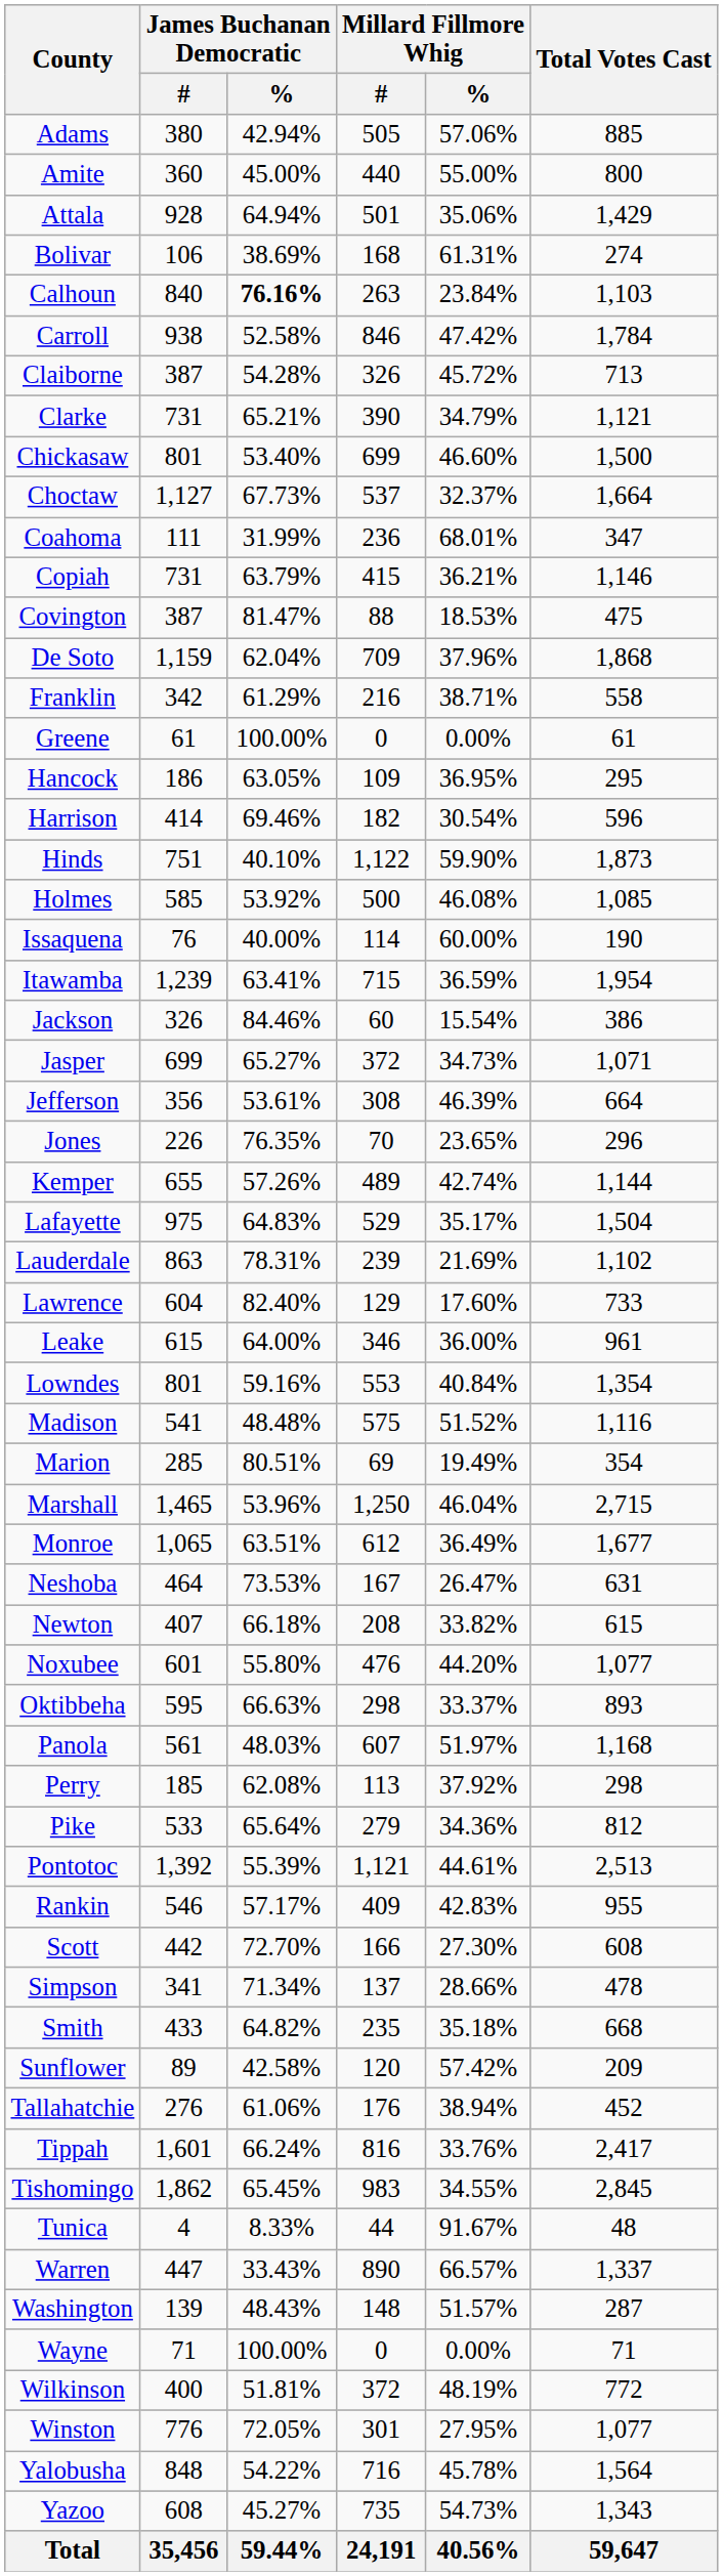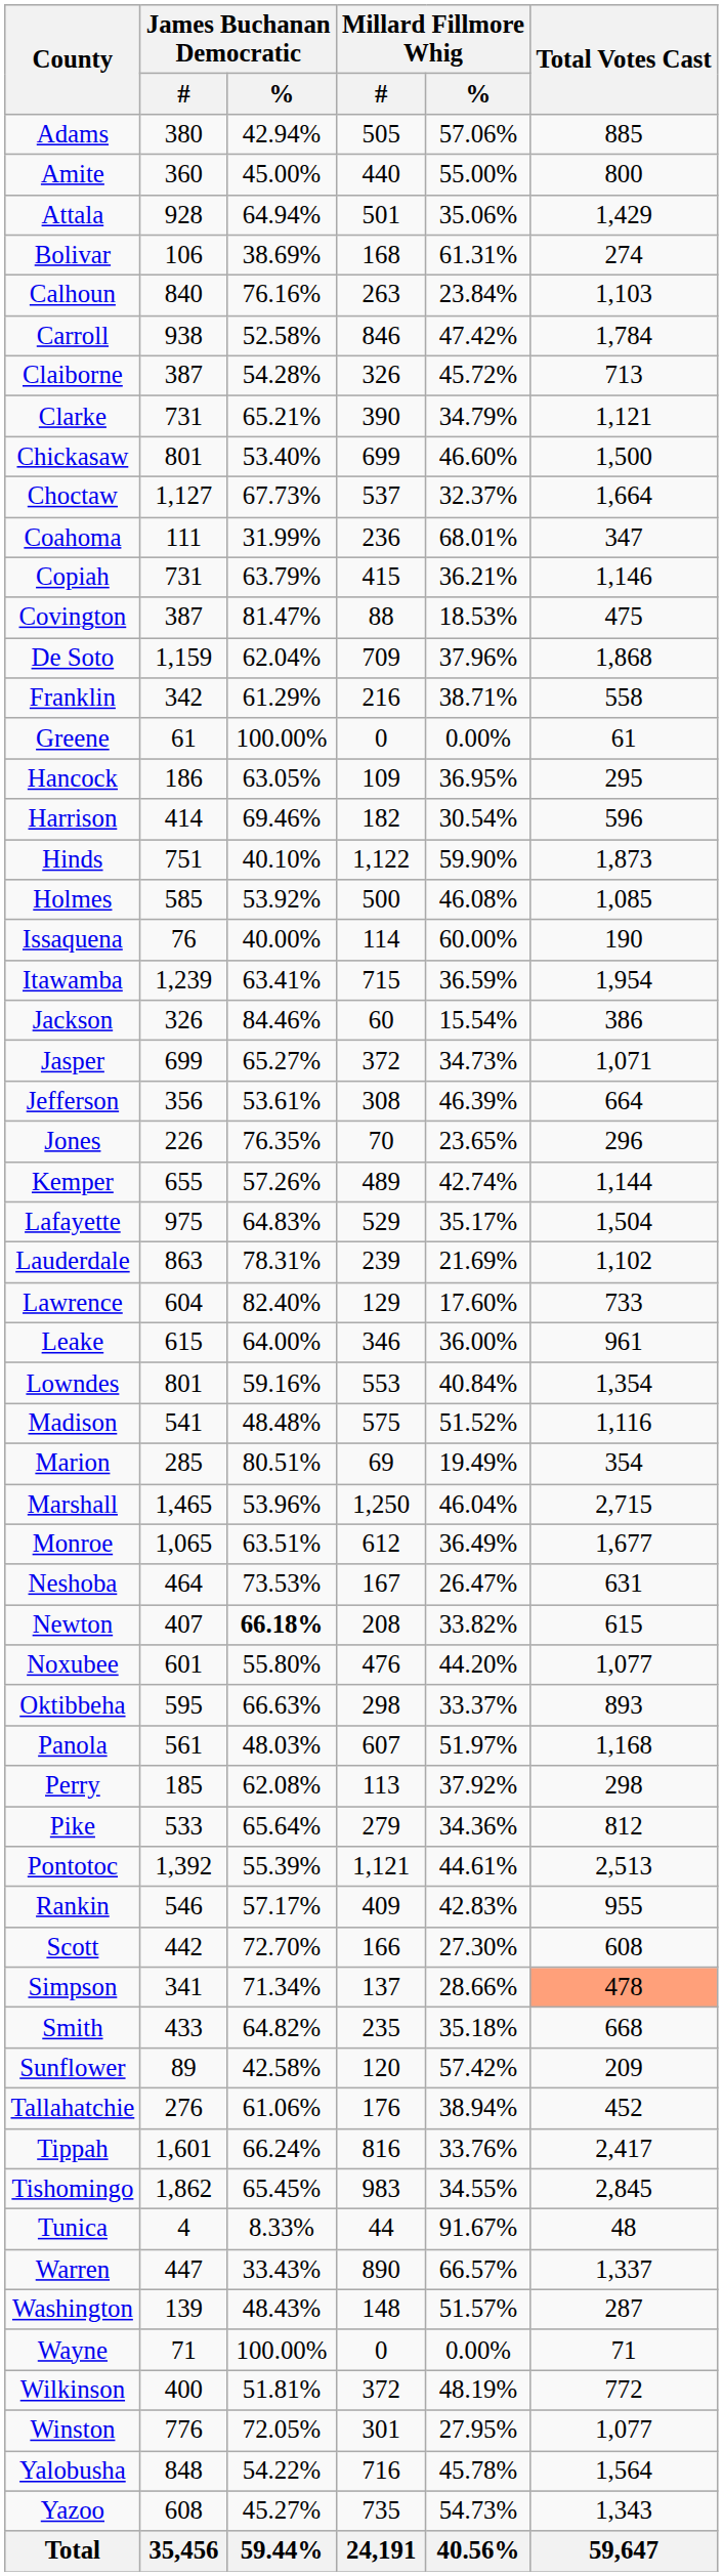 <table class="wikitable sortable">
 <tr>
 <th rowspan="2">County</th>
 <th colspan="2">James Buchanan<br>Democratic</th>
 <th colspan="2">Millard Fillmore<br>Whig</th>
 <th rowspan="2">Total Votes Cast</th>
 </tr>
 <tr style="text-align:center;">
 <th>#</th>
 <th>%</th>
 <th>#</th>
 <th>%</th>
 </tr>
 <tr style="text-align:center;">
 <td><a href='#'>Adams</a></td>
 <td>380</td>
 <td>42.94%</td>
 <td>505</td>
 <td>57.06%</td>
 <td>885</td>
 </tr>
 <tr style="text-align:center;">
 <td><a href='#'>Amite</a></td>
 <td>360</td>
 <td>45.00%</td>
 <td>440</td>
 <td>55.00%</td>
 <td>800</td>
 </tr>
 <tr style="text-align:center;">
 <td><a href='#'>Attala</a></td>
 <td>928</td>
 <td>64.94%</td>
 <td>501</td>
 <td>35.06%</td>
 <td>1,429</td>
 </tr>
 <tr style="text-align:center;">
 <td><a href='#'>Bolivar</a></td>
 <td>106</td>
 <td>38.69%</td>
 <td>168</td>
 <td>61.31%</td>
 <td>274</td>
 </tr>
 <tr style="text-align:center;">
 <td><a href='#'>Calhoun</a></td>
 <td>840</td>
-<td><strong>76.16%</strong></td>
+<td>76.16%</td>
 <td>263</td>
 <td>23.84%</td>
 <td>1,103</td>
 </tr>
 <tr style="text-align:center;">
 <td><a href='#'>Carroll</a></td>
 <td>938</td>
 <td>52.58%</td>
 <td>846</td>
 <td>47.42%</td>
 <td>1,784</td>
 </tr>
 <tr style="text-align:center;">
 <td><a href='#'>Claiborne</a></td>
 <td>387</td>
 <td>54.28%</td>
 <td>326</td>
 <td>45.72%</td>
 <td>713</td>
 </tr>
 <tr style="text-align:center;">
 <td><a href='#'>Clarke</a></td>
 <td>731</td>
 <td>65.21%</td>
 <td>390</td>
 <td>34.79%</td>
 <td>1,121</td>
 </tr>
 <tr style="text-align:center;">
 <td><a href='#'>Chickasaw</a></td>
 <td>801</td>
 <td>53.40%</td>
 <td>699</td>
 <td>46.60%</td>
 <td>1,500</td>
 </tr>
 <tr style="text-align:center;">
 <td><a href='#'>Choctaw</a></td>
 <td>1,127</td>
 <td>67.73%</td>
 <td>537</td>
 <td>32.37%</td>
 <td>1,664</td>
 </tr>
 <tr style="text-align:center;">
 <td><a href='#'>Coahoma</a></td>
 <td>111</td>
 <td>31.99%</td>
 <td>236</td>
 <td>68.01%</td>
 <td>347</td>
 </tr>
 <tr style="text-align:center;">
 <td><a href='#'>Copiah</a></td>
 <td>731</td>
 <td>63.79%</td>
 <td>415</td>
 <td>36.21%</td>
 <td>1,146</td>
 </tr>
 <tr style="text-align:center;">
 <td><a href='#'>Covington</a></td>
 <td>387</td>
 <td>81.47%</td>
 <td>88</td>
 <td>18.53%</td>
 <td>475</td>
 </tr>
 <tr style="text-align:center;">
 <td><a href='#'>De Soto</a></td>
 <td>1,159</td>
 <td>62.04%</td>
 <td>709</td>
 <td>37.96%</td>
 <td>1,868</td>
 </tr>
 <tr style="text-align:center;">
 <td><a href='#'>Franklin</a></td>
 <td>342</td>
 <td>61.29%</td>
 <td>216</td>
 <td>38.71%</td>
 <td>558</td>
 </tr>
 <tr style="text-align:center;">
 <td><a href='#'>Greene</a></td>
 <td>61</td>
 <td>100.00%</td>
 <td>0</td>
 <td>0.00%</td>
 <td>61</td>
 </tr>
 <tr style="text-align:center;">
 <td><a href='#'>Hancock</a></td>
 <td>186</td>
 <td>63.05%</td>
 <td>109</td>
 <td>36.95%</td>
 <td>295</td>
 </tr>
 <tr style="text-align:center;">
 <td><a href='#'>Harrison</a></td>
 <td>414</td>
 <td>69.46%</td>
 <td>182</td>
 <td>30.54%</td>
 <td>596</td>
 </tr>
 <tr style="text-align:center;">
 <td><a href='#'>Hinds</a></td>
 <td>751</td>
 <td>40.10%</td>
 <td>1,122</td>
 <td>59.90%</td>
 <td>1,873</td>
 </tr>
 <tr style="text-align:center;">
 <td><a href='#'>Holmes</a></td>
 <td>585</td>
 <td>53.92%</td>
 <td>500</td>
 <td>46.08%</td>
 <td>1,085</td>
 </tr>
 <tr style="text-align:center;">
 <td><a href='#'>Issaquena</a></td>
 <td>76</td>
 <td>40.00%</td>
 <td>114</td>
 <td>60.00%</td>
 <td>190</td>
 </tr>
 <tr style="text-align:center;">
 <td><a href='#'>Itawamba</a></td>
 <td>1,239</td>
 <td>63.41%</td>
 <td>715</td>
 <td>36.59%</td>
 <td>1,954</td>
 </tr>
 <tr style="text-align:center;">
 <td><a href='#'>Jackson</a></td>
 <td>326</td>
 <td>84.46%</td>
 <td>60</td>
 <td>15.54%</td>
 <td>386</td>
 </tr>
 <tr style="text-align:center;">
 <td><a href='#'>Jasper</a></td>
 <td>699</td>
 <td>65.27%</td>
 <td>372</td>
 <td>34.73%</td>
 <td>1,071</td>
 </tr>
 <tr style="text-align:center;">
 <td><a href='#'>Jefferson</a></td>
 <td>356</td>
 <td>53.61%</td>
 <td>308</td>
 <td>46.39%</td>
 <td>664</td>
 </tr>
 <tr style="text-align:center;">
 <td><a href='#'>Jones</a></td>
 <td>226</td>
 <td>76.35%</td>
 <td>70</td>
 <td>23.65%</td>
 <td>296</td>
 </tr>
 <tr style="text-align:center;">
 <td><a href='#'>Kemper</a></td>
 <td>655</td>
 <td>57.26%</td>
 <td>489</td>
 <td>42.74%</td>
 <td>1,144</td>
 </tr>
 <tr style="text-align:center;">
 <td><a href='#'>Lafayette</a></td>
 <td>975</td>
 <td>64.83%</td>
 <td>529</td>
 <td>35.17%</td>
 <td>1,504</td>
 </tr>
 <tr style="text-align:center;">
 <td><a href='#'>Lauderdale</a></td>
 <td>863</td>
 <td>78.31%</td>
 <td>239</td>
 <td>21.69%</td>
 <td>1,102</td>
 </tr>
 <tr style="text-align:center;">
 <td><a href='#'>Lawrence</a></td>
 <td>604</td>
 <td>82.40%</td>
 <td>129</td>
 <td>17.60%</td>
 <td>733</td>
 </tr>
 <tr style="text-align:center;">
 <td><a href='#'>Leake</a></td>
 <td>615</td>
 <td>64.00%</td>
 <td>346</td>
 <td>36.00%</td>
 <td>961</td>
 </tr>
 <tr style="text-align:center;">
 <td><a href='#'>Lowndes</a></td>
 <td>801</td>
 <td>59.16%</td>
 <td>553</td>
 <td>40.84%</td>
 <td>1,354</td>
 </tr>
 <tr style="text-align:center;">
 <td><a href='#'>Madison</a></td>
 <td>541</td>
 <td>48.48%</td>
 <td>575</td>
 <td>51.52%</td>
 <td>1,116</td>
 </tr>
 <tr style="text-align:center;">
 <td><a href='#'>Marion</a></td>
 <td>285</td>
 <td>80.51%</td>
 <td>69</td>
 <td>19.49%</td>
 <td>354</td>
 </tr>
 <tr style="text-align:center;">
 <td><a href='#'>Marshall</a></td>
 <td>1,465</td>
 <td>53.96%</td>
 <td>1,250</td>
 <td>46.04%</td>
 <td>2,715</td>
 </tr>
 <tr style="text-align:center;">
 <td><a href='#'>Monroe</a></td>
 <td>1,065</td>
 <td>63.51%</td>
 <td>612</td>
 <td>36.49%</td>
 <td>1,677</td>
 </tr>
 <tr style="text-align:center;">
 <td><a href='#'>Neshoba</a></td>
 <td>464</td>
 <td>73.53%</td>
 <td>167</td>
 <td>26.47%</td>
 <td>631</td>
 </tr>
 <tr style="text-align:center;">
 <td><a href='#'>Newton</a></td>
 <td>407</td>
-<td>66.18%</td>
+<td><strong>66.18%</strong></td>
 <td>208</td>
 <td>33.82%</td>
 <td>615</td>
 </tr>
 <tr style="text-align:center;">
 <td><a href='#'>Noxubee</a></td>
 <td>601</td>
 <td>55.80%</td>
 <td>476</td>
 <td>44.20%</td>
 <td>1,077</td>
 </tr>
 <tr style="text-align:center;">
 <td><a href='#'>Oktibbeha</a></td>
 <td>595</td>
 <td>66.63%</td>
 <td>298</td>
 <td>33.37%</td>
 <td>893</td>
 </tr>
 <tr style="text-align:center;">
 <td><a href='#'>Panola</a></td>
 <td>561</td>
 <td>48.03%</td>
 <td>607</td>
 <td>51.97%</td>
 <td>1,168</td>
 </tr>
 <tr style="text-align:center;">
 <td><a href='#'>Perry</a></td>
 <td>185</td>
 <td>62.08%</td>
 <td>113</td>
 <td>37.92%</td>
 <td>298</td>
 </tr>
 <tr style="text-align:center;">
 <td><a href='#'>Pike</a></td>
 <td>533</td>
 <td>65.64%</td>
 <td>279</td>
 <td>34.36%</td>
 <td>812</td>
 </tr>
 <tr style="text-align:center;">
 <td><a href='#'>Pontotoc</a></td>
 <td>1,392</td>
 <td>55.39%</td>
 <td>1,121</td>
 <td>44.61%</td>
 <td>2,513</td>
 </tr>
 <tr style="text-align:center;">
 <td><a href='#'>Rankin</a></td>
 <td>546</td>
 <td>57.17%</td>
 <td>409</td>
 <td>42.83%</td>
 <td>955</td>
 </tr>
 <tr style="text-align:center;">
 <td><a href='#'>Scott</a></td>
 <td>442</td>
 <td>72.70%</td>
 <td>166</td>
 <td>27.30%</td>
 <td>608</td>
 </tr>
 <tr style="text-align:center;">
 <td><a href='#'>Simpson</a></td>
 <td>341</td>
 <td>71.34%</td>
 <td>137</td>
 <td>28.66%</td>
-<td>478</td>
+<td style="background: lightsalmon;">478</td>
 </tr>
 <tr style="text-align:center;">
 <td><a href='#'>Smith</a></td>
 <td>433</td>
 <td>64.82%</td>
 <td>235</td>
 <td>35.18%</td>
 <td>668</td>
 </tr>
 <tr style="text-align:center;">
 <td><a href='#'>Sunflower</a></td>
 <td>89</td>
 <td>42.58%</td>
 <td>120</td>
 <td>57.42%</td>
 <td>209</td>
 </tr>
 <tr style="text-align:center;">
 <td><a href='#'>Tallahatchie</a></td>
 <td>276</td>
 <td>61.06%</td>
 <td>176</td>
 <td>38.94%</td>
 <td>452</td>
 </tr>
 <tr style="text-align:center;">
 <td><a href='#'>Tippah</a></td>
 <td>1,601</td>
 <td>66.24%</td>
 <td>816</td>
 <td>33.76%</td>
 <td>2,417</td>
 </tr>
 <tr style="text-align:center;">
 <td><a href='#'>Tishomingo</a></td>
 <td>1,862</td>
 <td>65.45%</td>
 <td>983</td>
 <td>34.55%</td>
 <td>2,845</td>
 </tr>
 <tr style="text-align:center;">
 <td><a href='#'>Tunica</a></td>
 <td>4</td>
 <td>8.33%</td>
 <td>44</td>
 <td>91.67%</td>
 <td>48</td>
 </tr>
 <tr style="text-align:center;">
 <td><a href='#'>Warren</a></td>
 <td>447</td>
 <td>33.43%</td>
 <td>890</td>
 <td>66.57%</td>
 <td>1,337</td>
 </tr>
 <tr style="text-align:center;">
 <td><a href='#'>Washington</a></td>
 <td>139</td>
 <td>48.43%</td>
 <td>148</td>
 <td>51.57%</td>
 <td>287</td>
 </tr>
 <tr style="text-align:center;">
 <td><a href='#'>Wayne</a></td>
 <td>71</td>
 <td>100.00%</td>
 <td>0</td>
 <td>0.00%</td>
 <td>71</td>
 </tr>
 <tr style="text-align:center;">
 <td><a href='#'>Wilkinson</a></td>
 <td>400</td>
 <td>51.81%</td>
 <td>372</td>
 <td>48.19%</td>
 <td>772</td>
 </tr>
 <tr style="text-align:center;">
 <td><a href='#'>Winston</a></td>
 <td>776</td>
 <td>72.05%</td>
 <td>301</td>
 <td>27.95%</td>
 <td>1,077</td>
 </tr>
 <tr style="text-align:center;">
 <td><a href='#'>Yalobusha</a></td>
 <td>848</td>
 <td>54.22%</td>
 <td>716</td>
 <td>45.78%</td>
 <td>1,564</td>
 </tr>
 <tr style="text-align:center;">
 <td><a href='#'>Yazoo</a></td>
 <td>608</td>
 <td>45.27%</td>
 <td>735</td>
 <td>54.73%</td>
 <td>1,343</td>
 </tr>
 <tr style="text-align:center;">
 <th>Total</th>
 <th>35,456</th>
 <th>59.44%</th>
 <th>24,191</th>
 <th>40.56%</th>
 <th>59,647</th>
 </tr>
 </table>
